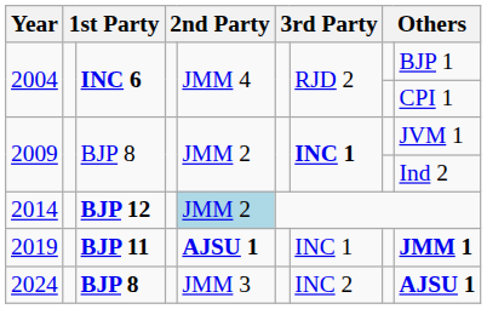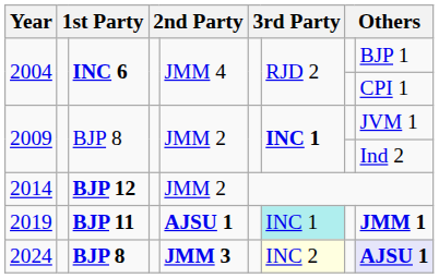 <table class="wikitable">
 <tr>
 <th>Year</th>
 <th colspan="2">1st Party</th>
 <th colspan="2">2nd Party</th>
 <th colspan="2">3rd Party</th>
 <th colspan="2">Others</th>
 </tr>
 <tr>
 <td rowspan="2"><a href='#'>2004</a></td>
 <td rowspan="2" style="background-color: "></td>
 <td rowspan="2"><strong><a href='#'>INC</a> 6</strong></td>
 <td rowspan="2" style="background-color: "></td>
 <td rowspan="2"><a href='#'>JMM</a> 4</td>
 <td rowspan="2" style="background-color: "></td>
 <td rowspan="2"><a href='#'>RJD</a> 2</td>
 <td style="background-color: "></td>
 <td><a href='#'>BJP</a> 1</td>
 </tr>
 <tr>
 <td style="background-color: "></td>
 <td><a href='#'>CPI</a> 1</td>
 </tr>
 <tr>
 <td rowspan="2"><a href='#'>2009</a></td>
 <td rowspan="2" style="background-color: "></td>
 <td rowspan="2"><a href='#'>BJP</a> 8</td>
 <td rowspan="2" style="background-color: "></td>
 <td rowspan="2"><a href='#'>JMM</a> 2</td>
 <td rowspan="2" style="background-color: "></td>
 <td rowspan="2"><strong><a href='#'>INC</a> 1</strong></td>
 <td style="background-color: "></td>
 <td><a href='#'>JVM</a> 1</td>
 </tr>
 <tr>
 <td style="background-color: "></td>
 <td><a href='#'>Ind</a> 2</td>
 </tr>
 <tr>
 <td><a href='#'>2014</a></td>
 <td style="background-color: "></td>
 <td><strong><a href='#'>BJP</a> 12</strong></td>
 <td style="background-color: "></td>
-<td style="background: lightblue;"><a href='#'>JMM</a> 2</td>
+<td><a href='#'>JMM</a> 2</td>
 <td colspan=4></td>
 </tr>
 <tr>
 <td><a href='#'>2019</a></td>
 <td style="background-color: "></td>
 <td><strong><a href='#'>BJP</a> 11</strong></td>
 <td style="background-color: "></td>
 <td><strong><a href='#'>AJSU</a> 1</strong></td>
 <td style="background-color: "></td>
-<td><a href='#'>INC</a> 1</td>
+<td style="background: paleturquoise;"><a href='#'>INC</a> 1</td>
 <td style="background-color: "></td>
 <td><strong><a href='#'>JMM</a> 1</strong></td>
 </tr>
 <tr>
 <td><a href='#'>2024</a></td>
 <td style="background-color: "></td>
 <td><strong><a href='#'>BJP</a> 8</strong></td>
 <td style="background-color: "></td>
-<td><a href='#'>JMM</a> 3</td>
+<td><strong><a href='#'>JMM</a> 3</strong></td>
 <td style="background-color: "></td>
-<td><a href='#'>INC</a> 2</td>
+<td style="background: lightyellow;"><a href='#'>INC</a> 2</td>
 <td style="background-color: "></td>
-<td><strong><a href='#'>AJSU</a> 1</strong></td>
+<td style="background: lavender;"><strong><a href='#'>AJSU</a> 1</strong></td>
 </tr>
 </table>
